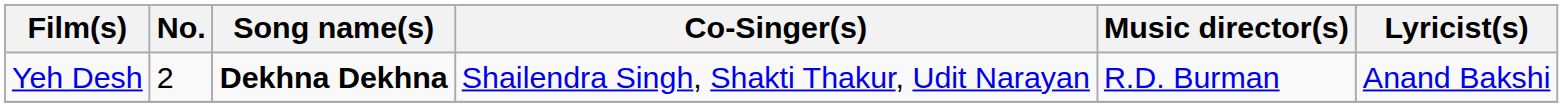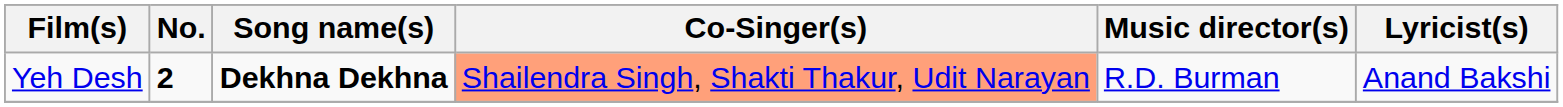 <table class="wikitable sortable">
 <tr>
 <th>Film(s)</th>
 <th>No.</th>
 <th>Song name(s)</th>
 <th>Co-Singer(s)</th>
 <th>Music director(s)</th>
 <th>Lyricist(s)</th>
 </tr>
 <tr>
 <td><a href='#'>Yeh Desh</a></td>
-<td>2</td>
+<td><strong>2</strong></td>
 <td><strong>Dekhna Dekhna</strong></td>
-<td><a href='#'>Shailendra Singh</a>, <a href='#'>Shakti Thakur</a>, <a href='#'>Udit Narayan</a></td>
+<td style="background: lightsalmon;"><a href='#'>Shailendra Singh</a>, <a href='#'>Shakti Thakur</a>, <a href='#'>Udit Narayan</a></td>
 <td><a href='#'>R.D. Burman</a></td>
 <td><a href='#'>Anand Bakshi</a></td>
 </tr>
 <tr>
 </tr>
 </table>
